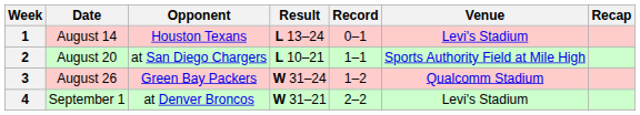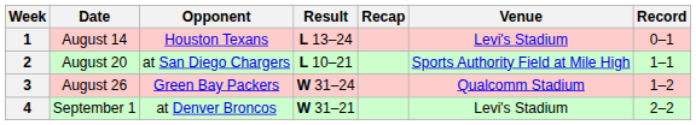 <table class="wikitable" style="text-align:center">
 <tr>
 <th>Week</th>
 <th>Date</th>
 <th>Opponent</th>
 <th>Result</th>
+<th>Recap</th>
+<th>Venue</th>
 <th>Record</th>
-<th>Venue</th>
-<th>Recap</th>
 </tr>
 <tr style="background:#fcc">
 <th>1</th>
 <td>August 14</td>
 <td><a href='#'>Houston Texans</a></td>
 <td><strong>L</strong> 13–24</td>
+<td></td>
+<td><a href='#'>Levi's Stadium</a></td>
 <td>0–1</td>
-<td><a href='#'>Levi's Stadium</a></td>
-<td></td>
 </tr>
 <tr style="background:#cfc">
 <th>2</th>
 <td>August 20</td>
 <td>at <a href='#'>San Diego Chargers</a></td>
 <td><strong>L</strong> 10–21</td>
+<td></td>
+<td><a href='#'>Sports Authority Field at Mile High</a></td>
 <td>1–1</td>
-<td><a href='#'>Sports Authority Field at Mile High</a></td>
-<td></td>
 </tr>
 <tr style="background:#fcc">
 <th>3</th>
 <td>August 26</td>
 <td><a href='#'>Green Bay Packers</a></td>
 <td><strong>W</strong> 31–24</td>
+<td></td>
+<td><a href='#'>Qualcomm Stadium</a></td>
 <td>1–2</td>
-<td><a href='#'>Qualcomm Stadium</a></td>
-<td></td>
 </tr>
 <tr style="background:#cfc">
 <th>4</th>
 <td>September 1</td>
 <td>at <a href='#'>Denver Broncos</a></td>
 <td><strong>W</strong> 31–21</td>
+<td></td>
+<td>Levi's Stadium</td>
 <td>2–2</td>
-<td>Levi's Stadium</td>
-<td></td>
 </tr>
 </table>
